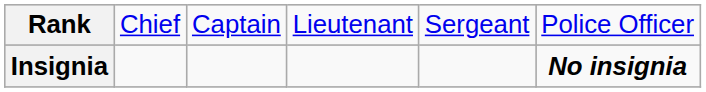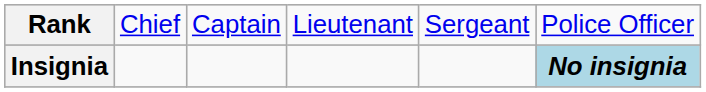 <table class="wikitable">
 <tr style="text-align:center;">
 <th>Rank</th>
 <td><a href='#'>Chief</a></td>
 <td><a href='#'>Captain</a></td>
 <td><a href='#'>Lieutenant</a></td>
 <td><a href='#'>Sergeant</a></td>
 <td><a href='#'>Police Officer</a></td>
 </tr>
 <tr style="text-align:center;">
 <th>Insignia</th>
 <td></td>
 <td></td>
 <td></td>
 <td></td>
-<td><strong><em>No insignia</em></strong></td>
+<td style="background: lightblue;"><strong><em>No insignia</em></strong></td>
 </tr>
 </table>
